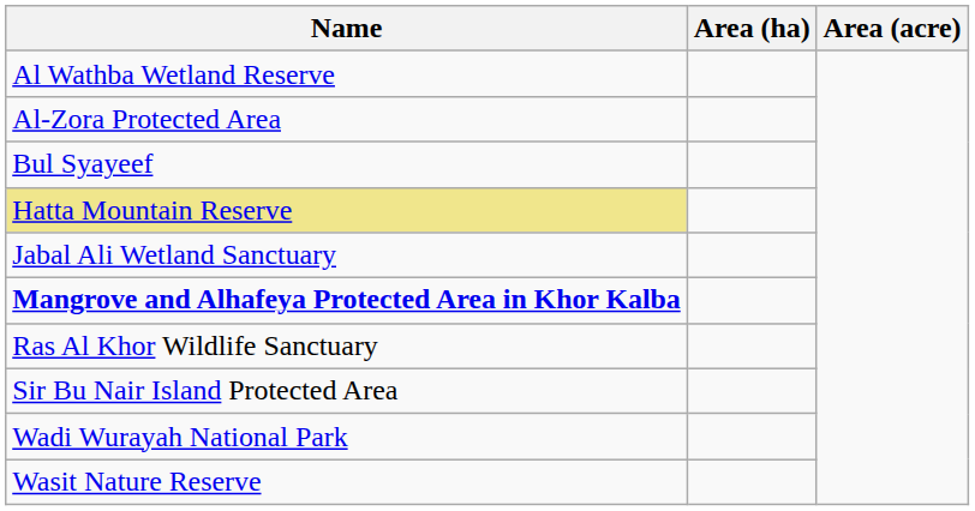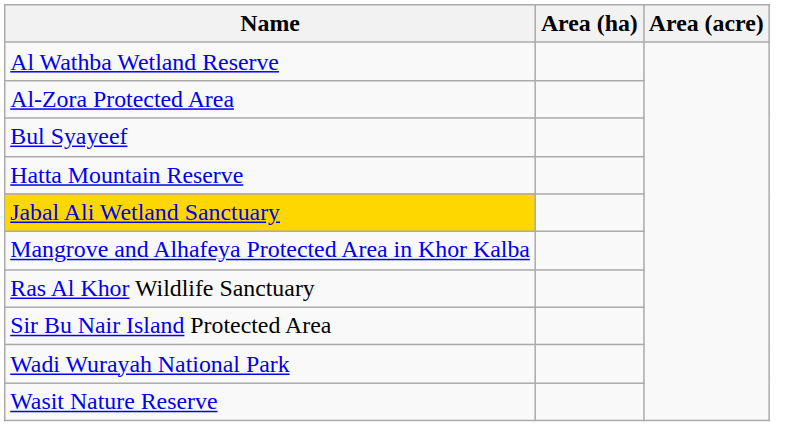 <table class="wikitable sortable">
 <tr>
 <th scope="col" align=left>Name</th>
 <th scope="col">Area (ha)</th>
 <th scope="col">Area (acre)</th>
 </tr>
 <tr ---->
 <td><a href='#'>Al Wathba Wetland Reserve</a></td>
 <td></td>
 </tr>
 <tr ---->
 <td><a href='#'>Al-Zora Protected Area</a></td>
 <td></td>
 </tr>
 <tr ---->
 <td><a href='#'>Bul Syayeef</a></td>
 <td></td>
 </tr>
 <tr ---->
-<td style="background: khaki;"><a href='#'>Hatta Mountain Reserve</a></td>
+<td><a href='#'>Hatta Mountain Reserve</a></td>
 <td></td>
 </tr>
 <tr ---->
-<td><a href='#'>Jabal Ali Wetland Sanctuary</a></td>
+<td style="background: gold;"><a href='#'>Jabal Ali Wetland Sanctuary</a></td>
 <td></td>
 </tr>
 <tr ---->
-<td><strong><a href='#'>Mangrove and Alhafeya Protected Area in Khor Kalba</a></strong></td>
+<td><a href='#'>Mangrove and Alhafeya Protected Area in Khor Kalba</a></td>
 <td></td>
 </tr>
 <tr ---->
 <td><a href='#'>Ras Al Khor</a> Wildlife Sanctuary</td>
 <td></td>
 </tr>
 <tr ---->
 <td><a href='#'>Sir Bu Nair Island</a> Protected Area</td>
 <td></td>
 </tr>
 <tr ---->
 <td><a href='#'>Wadi Wurayah National Park</a></td>
 <td></td>
 </tr>
 <tr ---->
 <td><a href='#'>Wasit Nature Reserve</a></td>
 <td></td>
 </tr>
 </table>
